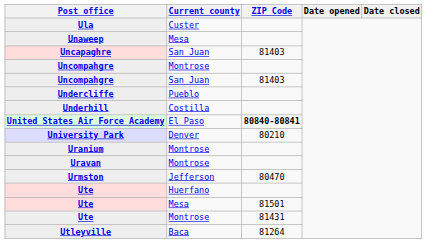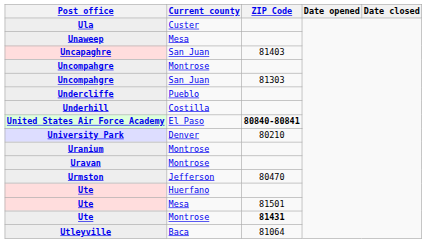 <table class="wikitable sortable  plainrowheaders" style="margin:auto;">
 <tr>
 <th scope=col><a href='#'>Post office</a></th>
 <th scope=col><a href='#'>Current county</a></th>
 <th scope=col><a href='#'>ZIP Code</a></th>
 <th scope=col>Date opened</th>
 <th scope=col>Date closed</th>
 </tr>
 <tr>
 <th scope=row rowspan=1 style="background-color:#EEEEEE;"><a href='#'>Ula</a></th>
 <td rowspan=1><a href='#'>Custer</a></td>
 <td rowspan=1 align=center style="font-family:monospace;"><br> </td>
 </tr>
 <tr>
 <th scope=row rowspan=2 style="background-color:#EEEEEE;"><a href='#'>Unaweep</a></th>
 <td rowspan=2><a href='#'>Mesa</a></td>
 <td rowspan=2 align=center style="font-family:monospace;"><br> </td>
 </tr>
 <tr>
 </tr>
 <tr>
 <th scope=row rowspan=1 style="background-color:#FFDDDD;"><a href='#'>Uncapaghre</a></th>
 <td rowspan=1><a href='#'>San Juan</a></td>
 <td rowspan=1 align=center style="font-family:monospace;">81403<br> </td>
 </tr>
 <tr>
 <th scope=row rowspan=1 style="background-color:#EEEEEE;"><a href='#'>Uncompahgre</a></th>
 <td rowspan=1><a href='#'>Montrose</a></td>
 <td rowspan=1 align=center style="font-family:monospace;"><br> </td>
 </tr>
 <tr>
 <th scope=row rowspan=1 style="background-color:#EEEEEE;"><a href='#'>Uncompahgre</a></th>
 <td rowspan=1><a href='#'>San Juan</a></td>
-<td rowspan=1 align=center style="font-family:monospace;">81403<br> </td>
+<td rowspan=1 align=center style="font-family:monospace;">81303<br> </td>
 </tr>
 <tr>
 <th scope=row rowspan=1 style="background-color:#EEEEEE;"><a href='#'>Undercliffe</a></th>
 <td rowspan=1><a href='#'>Pueblo</a></td>
 <td rowspan=1 align=center style="font-family:monospace;"><br> </td>
 </tr>
 <tr>
 <th scope=row rowspan=1 style="background-color:#EEEEEE;"><a href='#'>Underhill</a></th>
 <td rowspan=1><a href='#'>Costilla</a></td>
 <td rowspan=1 align=center style="font-family:monospace;"><br> </td>
 </tr>
 <tr>
 <th scope=row rowspan=1 style="background-color:#DDFFDD;"><a href='#'>United States Air Force Academy</a></th>
 <td rowspan=1><a href='#'>El Paso</a></td>
 <td rowspan=1 align=center style="font-family:monospace;"><strong>80840-80841<br> </strong></td>
 </tr>
 <tr>
 <th scope=row rowspan=2 style="background-color:#DDDDFF;"><a href='#'>University Park</a></th>
 <td rowspan=2><a href='#'>Denver</a></td>
 <td rowspan=2 align=center style="font-family:monospace;">80210<br> </td>
 </tr>
 <tr>
 </tr>
 <tr>
 <th scope=row rowspan=1 style="background-color:#EEEEEE;"><a href='#'>Uranium</a></th>
 <td rowspan=1><a href='#'>Montrose</a></td>
 <td rowspan=1 align=center style="font-family:monospace;"><br> </td>
 </tr>
 <tr>
 <th scope=row rowspan=1 style="background-color:#EEEEEE;"><a href='#'>Uravan</a></th>
 <td rowspan=1><a href='#'>Montrose</a></td>
 <td rowspan=1 align=center style="font-family:monospace;"><br> </td>
 </tr>
 <tr>
 <th scope=row rowspan=1 style="background-color:#EEEEEE;"><a href='#'>Urmston</a></th>
 <td rowspan=1><a href='#'>Jefferson</a></td>
 <td rowspan=1 align=center style="font-family:monospace;">80470<br> </td>
 </tr>
 <tr>
 <th scope=row rowspan=1 style="background-color:#FFDDDD;"><a href='#'>Ute</a></th>
 <td rowspan=1><a href='#'>Huerfano</a></td>
 <td rowspan=1 align=center style="font-family:monospace;"><br> </td>
 </tr>
 <tr>
 <th scope=row rowspan=1 style="background-color:#FFDDDD;"><a href='#'>Ute</a></th>
 <td rowspan=1><a href='#'>Mesa</a></td>
 <td rowspan=1 align=center style="font-family:monospace;">81501<br> </td>
 </tr>
 <tr>
 <th scope=row rowspan=1 style="background-color:#EEEEEE;"><a href='#'>Ute</a></th>
 <td rowspan=1><a href='#'>Montrose</a></td>
-<td rowspan=1 align=center style="font-family:monospace;">81431<br> </td>
+<td rowspan=1 align=center style="font-family:monospace;"><strong>81431<br> </strong></td>
 </tr>
 <tr>
 <th scope=row rowspan=1 style="background-color:#EEEEEE;"><a href='#'>Utleyville</a></th>
 <td rowspan=1><a href='#'>Baca</a></td>
-<td rowspan=1 align=center style="font-family:monospace;">81264<br> </td>
+<td rowspan=1 align=center style="font-family:monospace;">81064<br> </td>
 </tr>
 </table>
